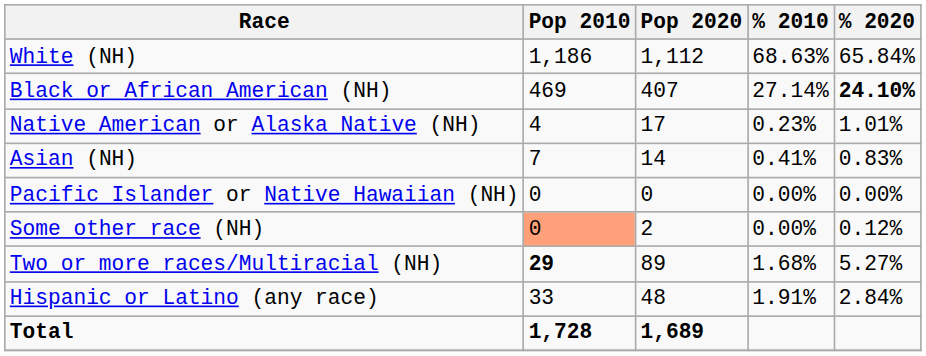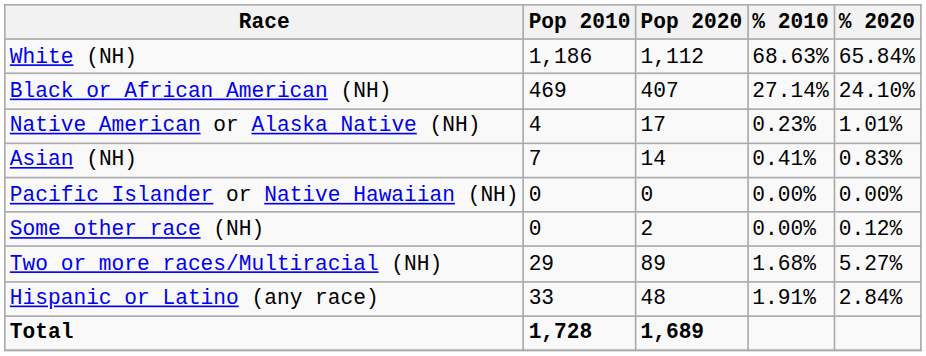 <table class="wikitable">
 <tr>
 <th>Race</th>
 <th>Pop 2010</th>
 <th>Pop 2020</th>
 <th>% 2010</th>
 <th>% 2020</th>
 </tr>
 <tr>
 <td><a href='#'>White</a> (NH)</td>
 <td>1,186</td>
 <td>1,112</td>
 <td>68.63%</td>
 <td>65.84%</td>
 </tr>
 <tr>
 <td><a href='#'>Black or African American</a> (NH)</td>
 <td>469</td>
 <td>407</td>
 <td>27.14%</td>
-<td><strong>24.10%</strong></td>
+<td>24.10%</td>
 </tr>
 <tr>
 <td><a href='#'>Native American</a> or <a href='#'>Alaska Native</a> (NH)</td>
 <td>4</td>
 <td>17</td>
 <td>0.23%</td>
 <td>1.01%</td>
 </tr>
 <tr>
 <td><a href='#'>Asian</a> (NH)</td>
 <td>7</td>
 <td>14</td>
 <td>0.41%</td>
 <td>0.83%</td>
 </tr>
 <tr>
 <td><a href='#'>Pacific Islander</a> or <a href='#'>Native Hawaiian</a> (NH)</td>
 <td>0</td>
 <td>0</td>
 <td>0.00%</td>
 <td>0.00%</td>
 </tr>
 <tr>
 <td><a href='#'>Some other race</a> (NH)</td>
-<td style="background: lightsalmon;">0</td>
+<td>0</td>
 <td>2</td>
 <td>0.00%</td>
 <td>0.12%</td>
 </tr>
 <tr>
 <td><a href='#'>Two or more races/Multiracial</a> (NH)</td>
-<td><strong>29</strong></td>
+<td>29</td>
 <td>89</td>
 <td>1.68%</td>
 <td>5.27%</td>
 </tr>
 <tr>
 <td><a href='#'>Hispanic or Latino</a> (any race)</td>
 <td>33</td>
 <td>48</td>
 <td>1.91%</td>
 <td>2.84%</td>
 </tr>
 <tr>
 <td><strong>Total</strong></td>
 <td><strong>1,728</strong></td>
 <td><strong>1,689</strong></td>
 <td></td>
 <td></td>
 </tr>
 <tr>
 </tr>
 </table>
